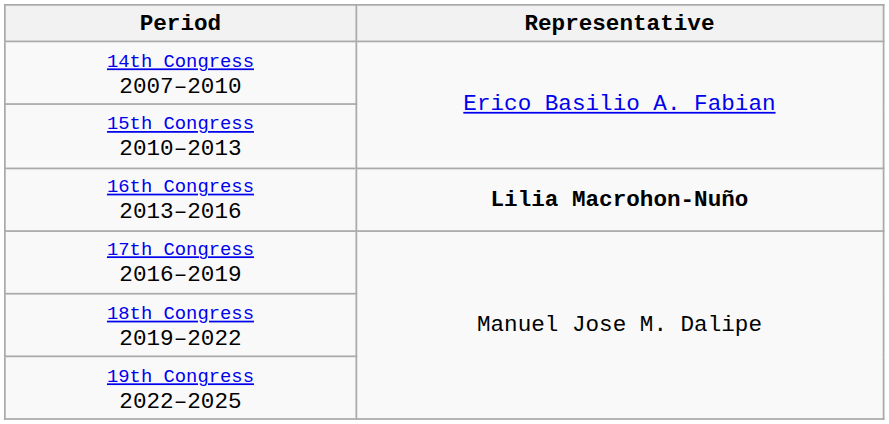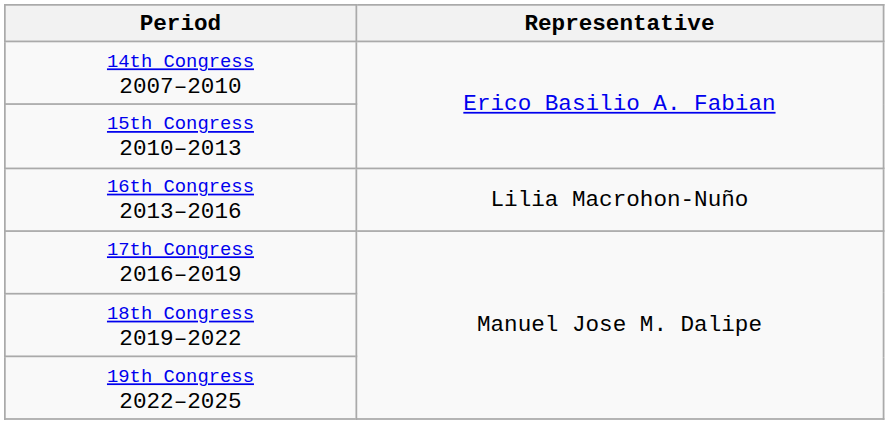 <table class="wikitable" style="text-align:center; width:40%;">
 <tr>
 <th width="40%">Period</th>
 <th>Representative</th>
 </tr>
 <tr>
 <td><small><a href='#'>14th Congress</a></small><br>2007–2010</td>
 <td rowspan="2"><a href='#'>Erico Basilio A. Fabian</a></td>
 </tr>
 <tr>
 <td><small><a href='#'>15th Congress</a></small><br>2010–2013</td>
 </tr>
 <tr>
 <td><small><a href='#'>16th Congress</a></small><br>2013–2016</td>
-<td><strong>Lilia Macrohon-Nuño</strong></td>
+<td>Lilia Macrohon-Nuño</td>
 </tr>
 <tr>
 <td><small><a href='#'>17th Congress</a></small><br>2016–2019</td>
 <td rowspan="3">Manuel Jose M. Dalipe</td>
 </tr>
 <tr>
 <td><small><a href='#'>18th Congress</a></small><br>2019–2022</td>
 </tr>
 <tr>
 <td><small><a href='#'>19th Congress</a></small><br>2022–2025</td>
 </tr>
 </table>
